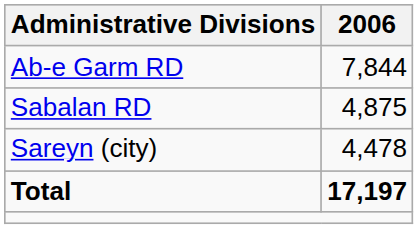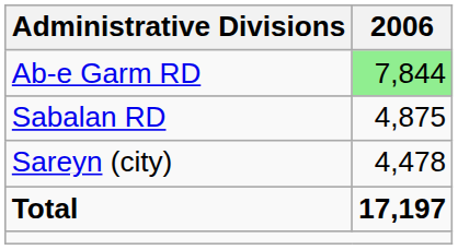 <table class="wikitable">
 <tr>
 <th>Administrative Divisions</th>
 <th>2006</th>
 </tr>
 <tr>
 <td><a href='#'>Ab-e Garm RD</a></td>
-<td style="text-align: right;">7,844</td>
+<td style="background: lightgreen; text-align: right;">7,844</td>
 </tr>
 <tr>
 <td><a href='#'>Sabalan RD</a></td>
 <td style="text-align: right;">4,875</td>
 </tr>
 <tr>
 <td><a href='#'>Sareyn</a> (city)</td>
 <td style="text-align: right;">4,478</td>
 </tr>
 <tr>
 <td><strong>Total</strong></td>
 <td style="text-align: right;"><strong>17,197</strong></td>
 </tr>
 <tr>
 <td colspan=2></td>
 </tr>
 </table>
